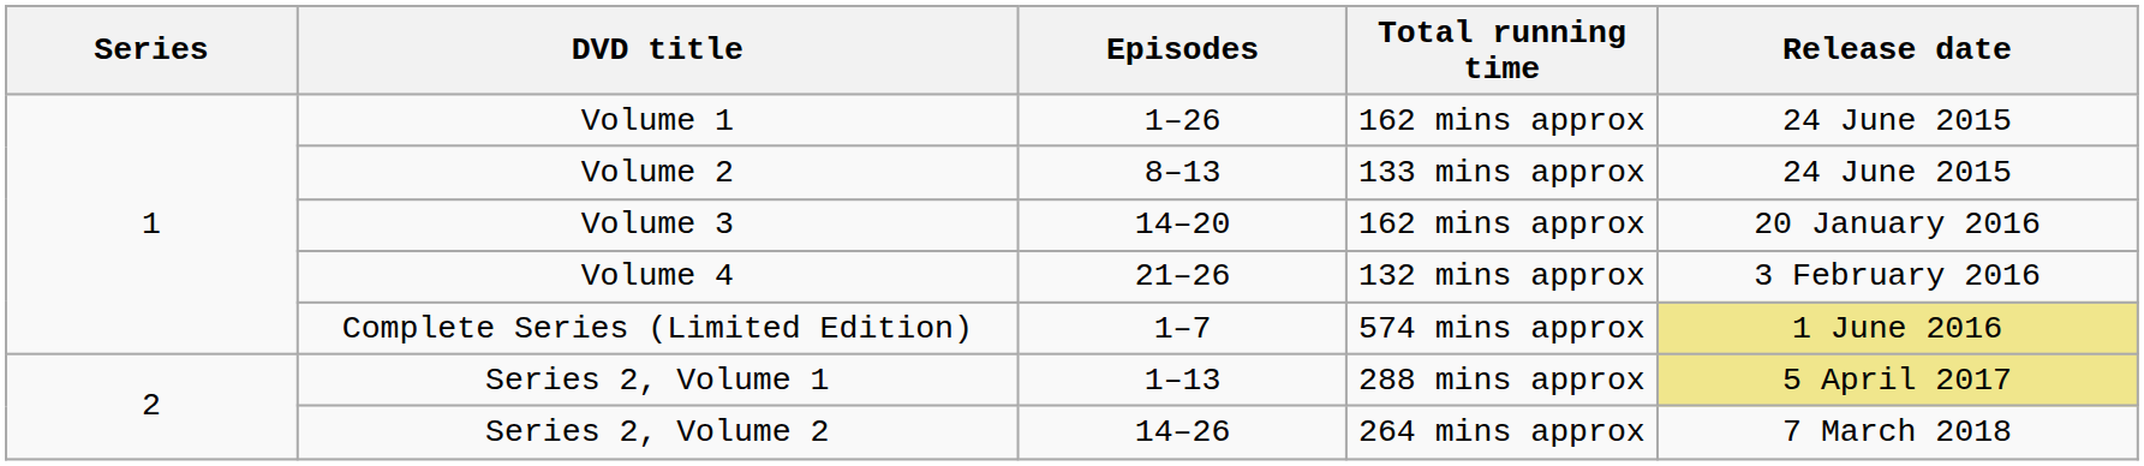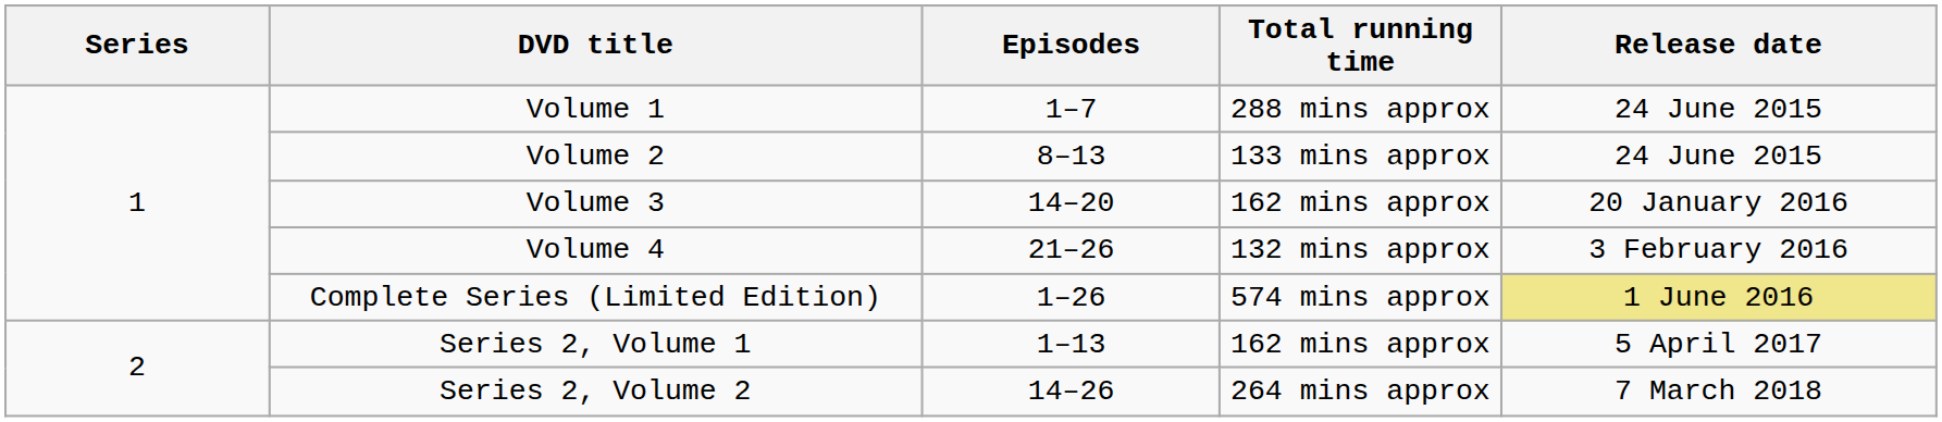 <table class="wikitable sortable" style="text-align:center">
 <tr>
 <th style="width:6%;">Series</th>
 <th style="width:15%;">DVD title</th>
 <th style="width:6%;">Episodes</th>
 <th style="width:6%;">Total running time</th>
 <th style="width:10%;">Release date</th>
 </tr>
 <tr>
 <td rowspan="5">1</td>
 <td>Volume 1</td>
-<td>1–26</td>
-<td>162 mins approx</td>
+<td>1–7</td>
+<td>288 mins approx</td>
 <td>24 June 2015</td>
 </tr>
 <tr>
 <td>Volume 2</td>
 <td>8–13</td>
 <td>133 mins approx</td>
 <td>24 June 2015</td>
 </tr>
 <tr>
 <td>Volume 3</td>
 <td>14–20</td>
 <td>162 mins approx</td>
 <td>20 January 2016</td>
 </tr>
 <tr>
 <td>Volume 4</td>
 <td>21–26</td>
 <td>132 mins approx</td>
 <td>3 February 2016</td>
 </tr>
 <tr>
 <td>Complete Series (Limited Edition)</td>
-<td>1–7</td>
+<td>1–26</td>
 <td>574 mins approx</td>
 <td style="background: khaki;">1 June 2016</td>
 </tr>
 <tr>
 <td rowspan="2">2</td>
 <td>Series 2, Volume 1</td>
 <td>1–13</td>
-<td>288 mins approx</td>
-<td style="background: khaki;">5 April 2017</td>
+<td>162 mins approx</td>
+<td>5 April 2017</td>
 </tr>
 <tr>
 <td>Series 2, Volume 2</td>
 <td>14–26</td>
 <td>264 mins approx</td>
 <td>7 March 2018</td>
 </tr>
 </table>
